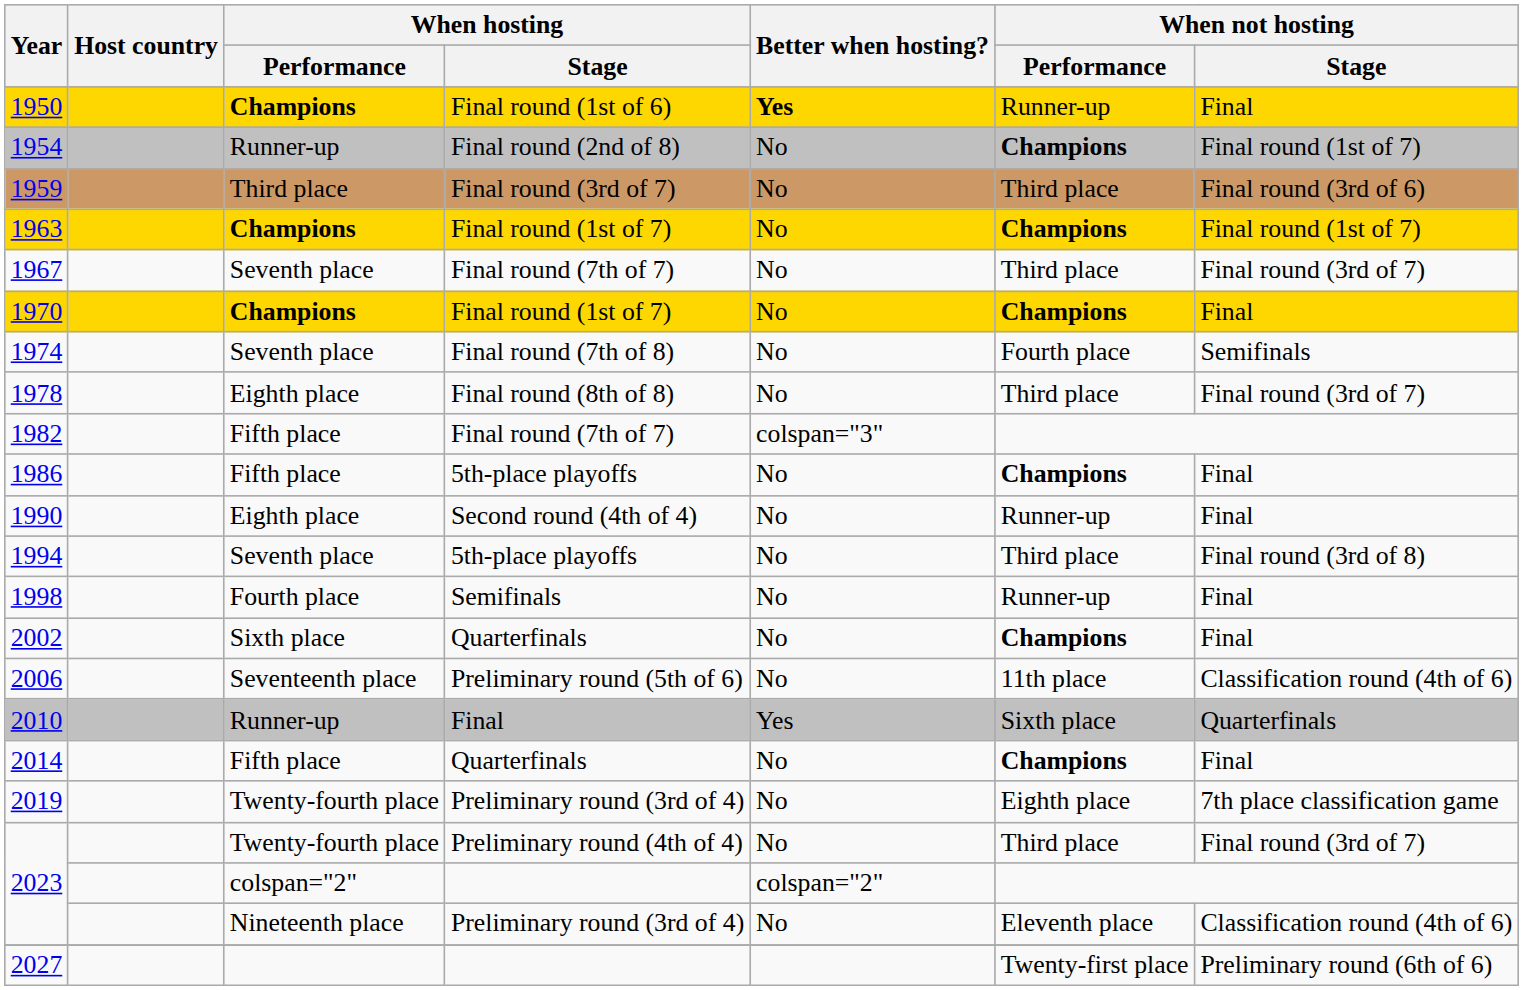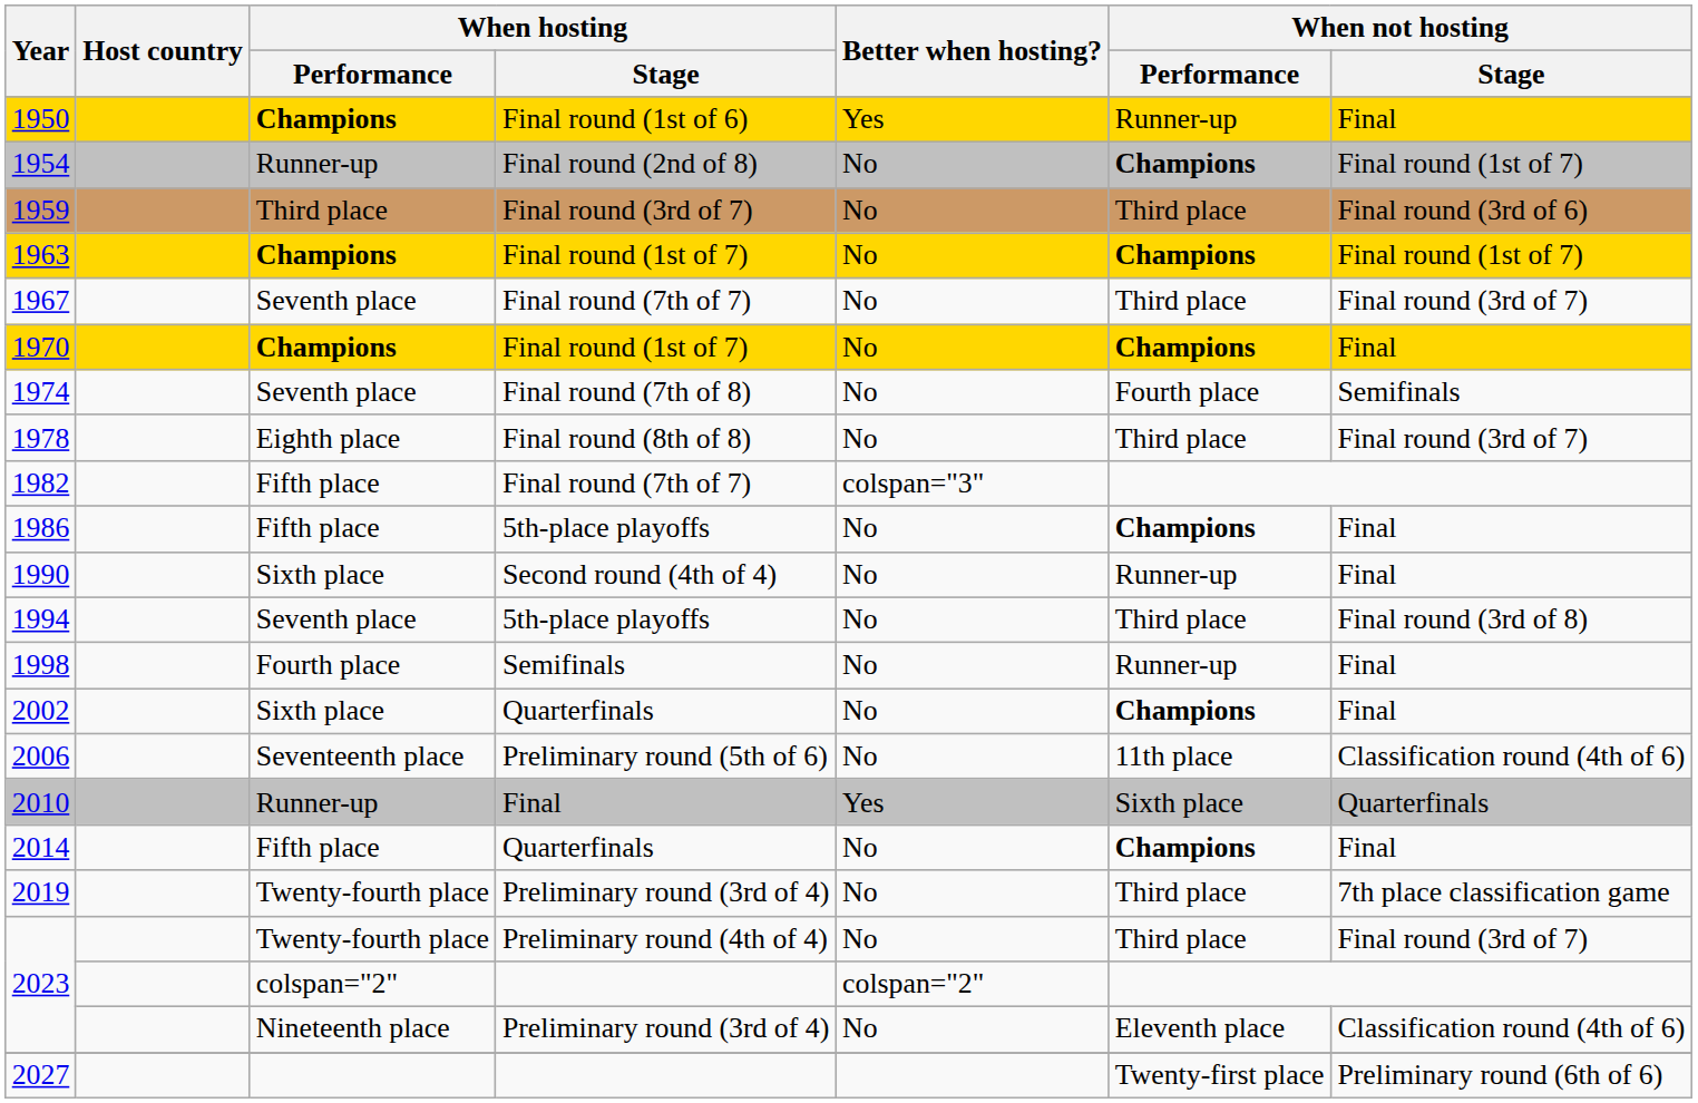 <table class=wikitable>
 <tr>
 <th rowspan=2>Year</th>
 <th rowspan=2>Host country</th>
 <th colspan=2>When hosting</th>
 <th rowspan="2">Better when hosting?</th>
 <th colspan="2">When not hosting</th>
 </tr>
 <tr>
 <th>Performance</th>
 <th>Stage</th>
 <th>Performance</th>
 <th>Stage</th>
 </tr>
 <tr bgcolor=gold>
 <td><a href='#'>1950</a></td>
 <td></td>
 <td><strong>Champions</strong></td>
 <td>Final round (1st of 6)</td>
-<td><strong>Yes</strong></td>
+<td>Yes</td>
 <td>Runner-up</td>
 <td>Final</td>
 </tr>
 <tr bgcolor=silver>
 <td><a href='#'>1954</a></td>
 <td></td>
 <td>Runner-up</td>
 <td>Final round (2nd of 8)</td>
 <td>No</td>
 <td><strong>Champions</strong></td>
 <td>Final round (1st of 7)</td>
 </tr>
 <tr bgcolor="#cc9966">
 <td><a href='#'>1959</a></td>
 <td></td>
 <td>Third place</td>
 <td>Final round (3rd of 7)</td>
 <td>No</td>
 <td>Third place</td>
 <td>Final round (3rd of 6)</td>
 </tr>
 <tr bgcolor=gold>
 <td><a href='#'>1963</a></td>
 <td></td>
 <td><strong>Champions</strong></td>
 <td>Final round (1st of 7)</td>
 <td>No</td>
 <td><strong>Champions</strong></td>
 <td>Final round (1st of 7)</td>
 </tr>
 <tr>
 <td><a href='#'>1967</a></td>
 <td></td>
 <td>Seventh place</td>
 <td>Final round (7th of 7)</td>
 <td>No</td>
 <td>Third place</td>
 <td>Final round (3rd of 7)</td>
 </tr>
 <tr bgcolor=gold>
 <td><a href='#'>1970</a></td>
 <td></td>
 <td><strong>Champions</strong></td>
 <td>Final round (1st of 7)</td>
 <td>No</td>
 <td><strong>Champions</strong></td>
 <td>Final</td>
 </tr>
 <tr>
 <td><a href='#'>1974</a></td>
 <td></td>
 <td>Seventh place</td>
 <td>Final round (7th of 8)</td>
 <td>No</td>
 <td>Fourth place</td>
 <td>Semifinals</td>
 </tr>
 <tr>
 <td><a href='#'>1978</a></td>
 <td></td>
 <td>Eighth place</td>
 <td>Final round (8th of 8)</td>
 <td>No</td>
 <td>Third place</td>
 <td>Final round (3rd of 7)</td>
 </tr>
 <tr>
 <td><a href='#'>1982</a></td>
 <td></td>
 <td>Fifth place</td>
 <td>Final round (7th of 7)</td>
 <td>colspan="3" </td>
 </tr>
 <tr>
 <td><a href='#'>1986</a></td>
 <td></td>
 <td>Fifth place</td>
 <td>5th-place playoffs</td>
 <td>No</td>
 <td><strong>Champions</strong></td>
 <td>Final</td>
 </tr>
 <tr>
 <td><a href='#'>1990</a></td>
 <td></td>
-<td>Eighth place</td>
+<td>Sixth place</td>
 <td>Second round (4th of 4)</td>
 <td>No</td>
 <td>Runner-up</td>
 <td>Final</td>
 </tr>
 <tr>
 <td><a href='#'>1994</a></td>
 <td></td>
 <td>Seventh place</td>
 <td>5th-place playoffs</td>
 <td>No</td>
 <td>Third place</td>
 <td>Final round (3rd of 8)</td>
 </tr>
 <tr>
 <td><a href='#'>1998</a></td>
 <td></td>
 <td>Fourth place</td>
 <td>Semifinals</td>
 <td>No</td>
 <td>Runner-up</td>
 <td>Final</td>
 </tr>
 <tr>
 <td><a href='#'>2002</a></td>
 <td></td>
 <td>Sixth place</td>
 <td>Quarterfinals</td>
 <td>No</td>
 <td><strong>Champions</strong></td>
 <td>Final</td>
 </tr>
 <tr>
 <td><a href='#'>2006</a></td>
 <td></td>
 <td>Seventeenth place</td>
 <td>Preliminary round (5th of 6)</td>
 <td>No</td>
 <td>11th place</td>
 <td>Classification round (4th of 6)</td>
 </tr>
 <tr bgcolor=silver>
 <td><a href='#'>2010</a></td>
 <td></td>
 <td>Runner-up</td>
 <td>Final</td>
 <td>Yes</td>
 <td>Sixth place</td>
 <td>Quarterfinals</td>
 </tr>
 <tr>
 <td><a href='#'>2014</a></td>
 <td></td>
 <td>Fifth place</td>
 <td>Quarterfinals</td>
 <td>No</td>
 <td><strong>Champions</strong></td>
 <td>Final</td>
 </tr>
 <tr>
 <td><a href='#'>2019</a></td>
 <td></td>
 <td>Twenty-fourth place</td>
 <td>Preliminary round (3rd of 4)</td>
 <td>No</td>
-<td>Eighth place</td>
+<td>Third place</td>
 <td>7th place classification game</td>
 </tr>
 <tr>
 <td rowspan=3><a href='#'>2023</a></td>
 <td></td>
 <td>Twenty-fourth place</td>
 <td>Preliminary round (4th of 4)</td>
 <td>No</td>
 <td>Third place</td>
 <td>Final round (3rd of 7)</td>
 </tr>
 <tr>
 <td></td>
 <td>colspan="2" </td>
 <td><em></em></td>
 <td>colspan="2" </td>
 </tr>
 <tr>
 <td></td>
 <td>Nineteenth place</td>
 <td>Preliminary round (3rd of 4)</td>
 <td>No</td>
 <td>Eleventh place</td>
 <td>Classification round (4th of 6)</td>
 </tr>
 <tr>
 </tr>
 <tr>
 <td><a href='#'>2027</a></td>
 <td></td>
 <td rowspan=1></td>
 <td></td>
 <td></td>
 <td>Twenty-first place</td>
 <td>Preliminary round (6th of 6)</td>
 </tr>
 </table>
